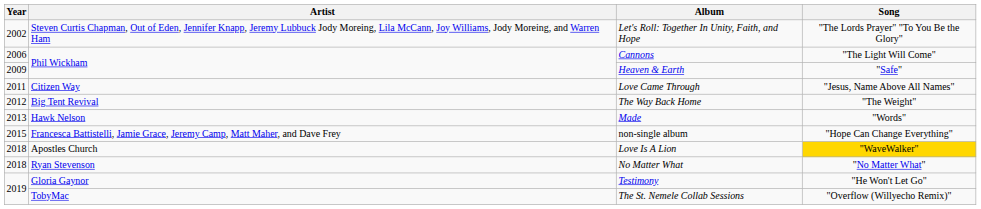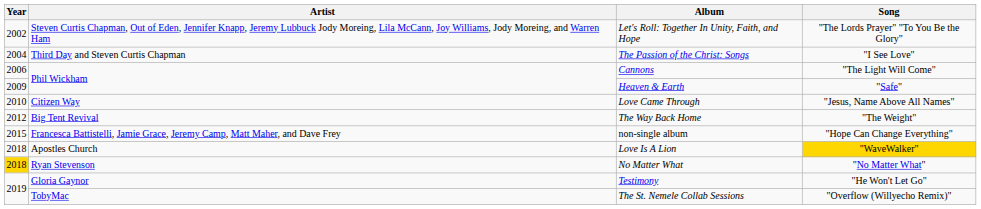 <table class="wikitable">
 <tr>
 <th>Year</th>
 <th>Artist</th>
 <th>Album</th>
 <th>Song</th>
 </tr>
 <tr>
 <td>2002</td>
 <td><a href='#'>Steven Curtis Chapman</a>, <a href='#'>Out of Eden</a>, <a href='#'>Jennifer Knapp</a>, <a href='#'>Jeremy Lubbuck</a> Jody Moreing, <a href='#'>Lila McCann</a>, <a href='#'>Joy Williams</a>, Jody Moreing, and <a href='#'>Warren Ham</a></td>
 <td><em>Let's Roll: Together In Unity, Faith, and Hope</em></td>
 <td style="text-align:center;">"The Lords Prayer" "To You Be the Glory"</td>
 </tr>
 <tr>
+<td>2004</td>
+<td><a href='#'>Third Day</a> and Steven Curtis Chapman</td>
+<td><em><a href='#'>The Passion of the Christ: Songs</a></em></td>
+<td style="text-align:center;">"I See Love"</td>
+</tr>
+<tr>
 <td>2006</td>
 <td rowspan="2"><a href='#'>Phil Wickham</a></td>
 <td><em><a href='#'>Cannons</a></em></td>
 <td style="text-align:center;">"The Light Will Come"</td>
 </tr>
 <tr>
 <td>2009</td>
 <td><em><a href='#'>Heaven & Earth</a></em></td>
 <td style="text-align:center;">"<a href='#'>Safe</a>"</td>
 </tr>
 <tr>
-<td>2011</td>
+<td>2010</td>
 <td><a href='#'>Citizen Way</a></td>
 <td><em>Love Came Through</em></td>
 <td style="text-align:center;">"Jesus, Name Above All Names"</td>
 </tr>
 <tr>
 <td>2012</td>
 <td><a href='#'>Big Tent Revival</a></td>
 <td><em>The Way Back Home</em></td>
 <td style="text-align:center;">"The Weight"</td>
-</tr>
-<tr>
-<td>2013</td>
-<td><a href='#'>Hawk Nelson</a></td>
-<td><em><a href='#'>Made</a></em></td>
-<td style="text-align:center;">"Words"</td>
 </tr>
 <tr>
 <td>2015</td>
 <td><a href='#'>Francesca Battistelli</a>, <a href='#'>Jamie Grace</a>, <a href='#'>Jeremy Camp</a>, <a href='#'>Matt Maher</a>, and Dave Frey</td>
 <td>non-single album</td>
 <td style="text-align:center;">"Hope Can Change Everything"</td>
 </tr>
 <tr>
 <td>2018</td>
 <td>Apostles Church</td>
 <td><em>Love Is A Lion</em></td>
 <td style="background: gold; text-align:center;">"WaveWalker"</td>
 </tr>
 <tr>
-<td>2018</td>
+<td style="background: gold;">2018</td>
 <td><a href='#'>Ryan Stevenson</a></td>
 <td><em>No Matter What</em></td>
 <td style="text-align:center;">"<a href='#'>No Matter What</a>"</td>
 </tr>
 <tr>
 <td rowspan="2">2019</td>
 <td><a href='#'>Gloria Gaynor</a></td>
 <td><em><a href='#'>Testimony</a></em></td>
 <td style="text-align:center;">"He Won't Let Go"</td>
 </tr>
 <tr>
 <td><a href='#'>TobyMac</a></td>
 <td><em>The St. Nemele Collab Sessions</em></td>
 <td style="text-align:center;">"Overflow (Willyecho Remix)"</td>
 </tr>
 </table>
